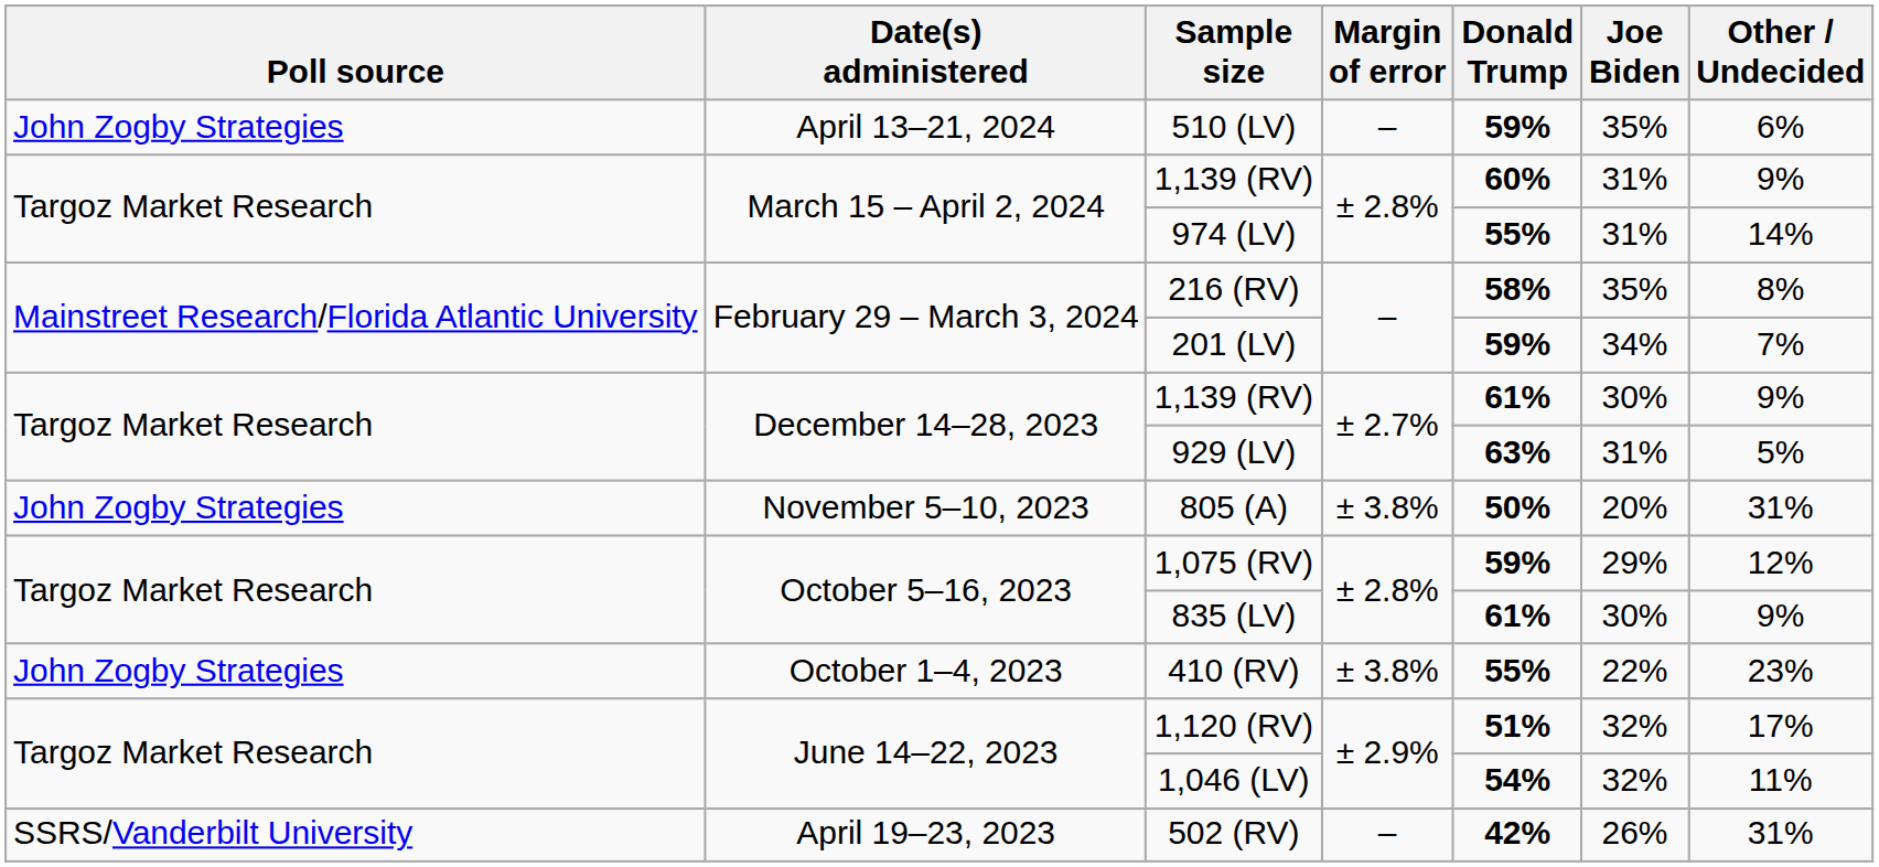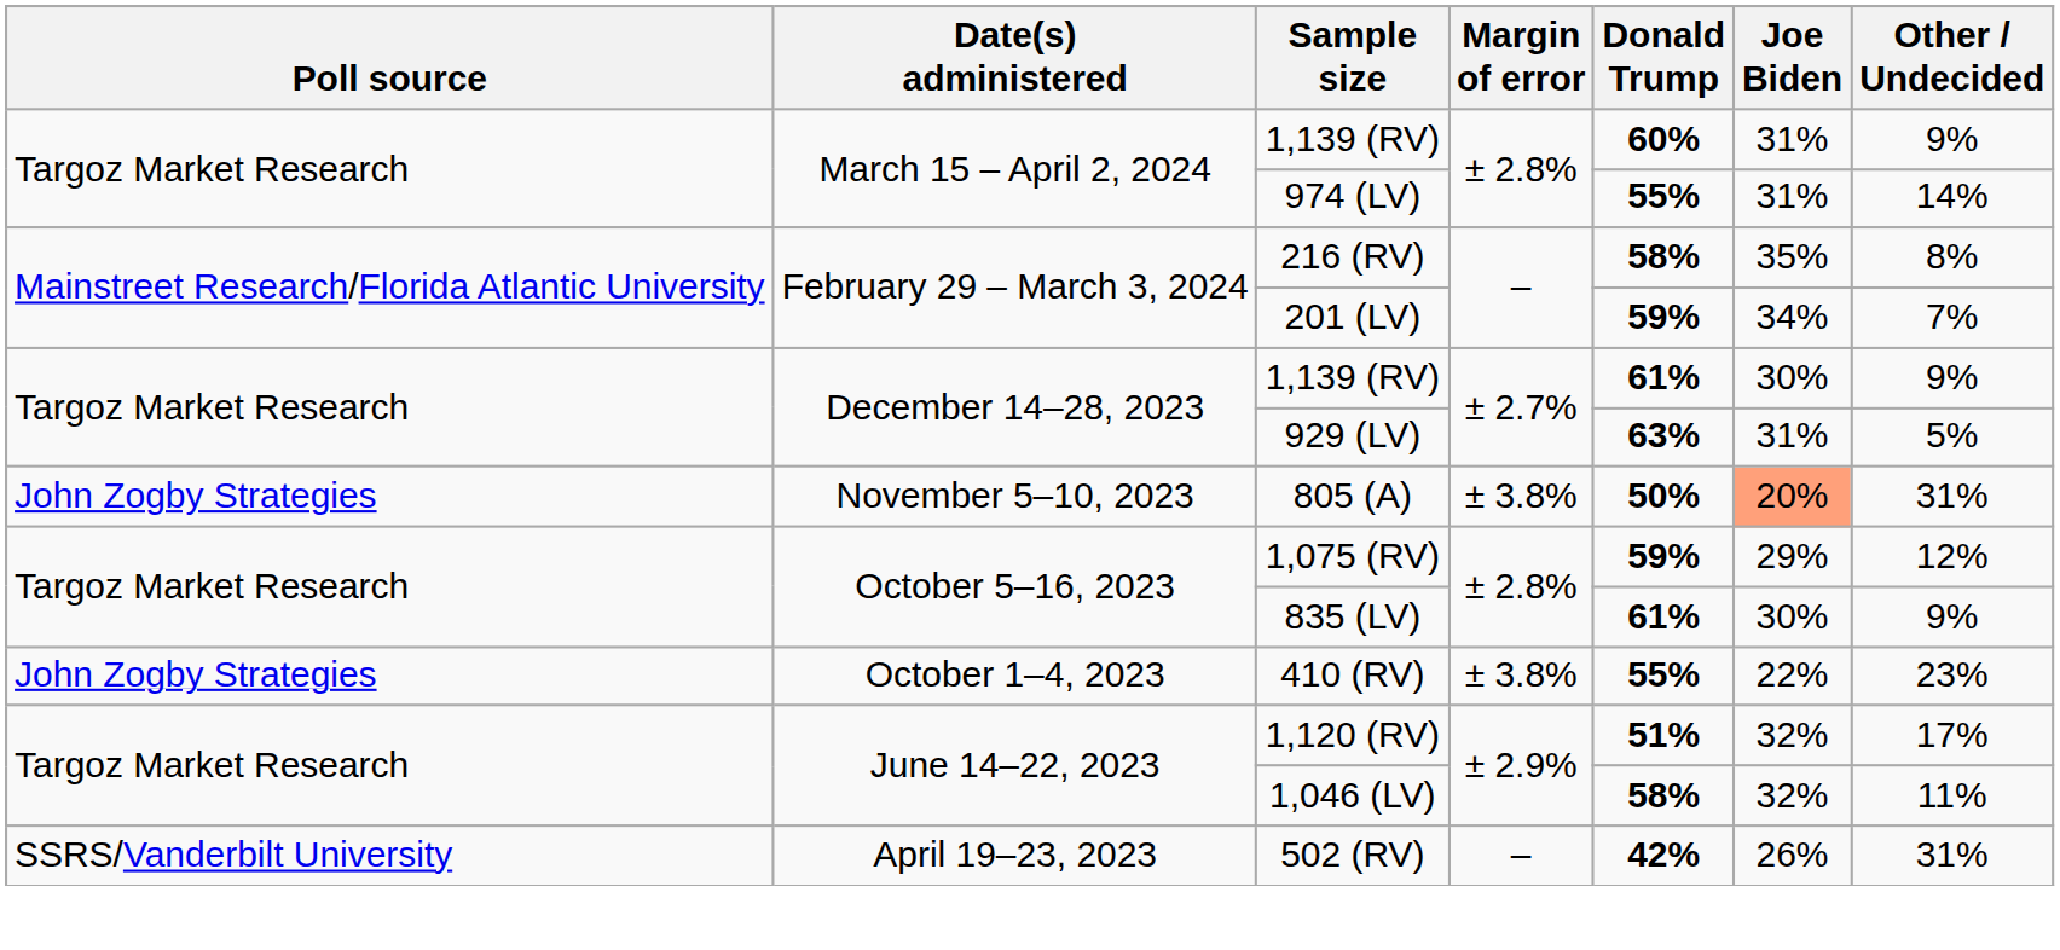 <table class="wikitable sortable mw-datatable" style="font-size:90%;text-align:center;line-height:17px">
 <tr valign=bottom>
 <th>Poll source</th>
 <th>Date(s)<br>administered</th>
 <th>Sample<br>size</th>
 <th>Margin<br>of error</th>
 <th class="unsortable">Donald<br>Trump<br></th>
 <th class="unsortable">Joe<br>Biden<br></th>
 <th class="unsortable">Other /<br>Undecided</th>
-</tr>
-<tr>
-<td style="text-align:left;"><a href='#'>John Zogby Strategies</a></td>
-<td data-sort-value="2024-05-01">April 13–21, 2024</td>
-<td>510 (LV)</td>
-<td>–</td>
-<td style="background-color:"><strong>59%</strong></td>
-<td>35%</td>
-<td>6%</td>
 </tr>
 <tr>
 <td style="text-align:left;" rowspan="2">Targoz Market Research</td>
 <td rowspan="2">March 15 – April 2, 2024</td>
 <td>1,139 (RV)</td>
 <td rowspan="2">± 2.8%</td>
 <td style="background-color:"><strong>60%</strong></td>
 <td>31%</td>
 <td>9%</td>
 </tr>
 <tr>
 <td>974 (LV)</td>
 <td style="background-color:"><strong>55%</strong></td>
 <td>31%</td>
 <td>14%</td>
 </tr>
 <tr>
 <td style="text-align:left;" rowspan="2"><a href='#'>Mainstreet Research</a>/<a href='#'>Florida Atlantic University</a></td>
 <td rowspan="2">February 29 – March 3, 2024</td>
 <td>216 (RV)</td>
 <td rowspan="2">–</td>
 <td style="background-color:"><strong>58%</strong></td>
 <td>35%</td>
 <td>8%</td>
 </tr>
 <tr>
 <td>201 (LV)</td>
 <td style="background-color:"><strong>59%</strong></td>
 <td>34%</td>
 <td>7%</td>
 </tr>
 <tr>
 <td style="text-align:left;" rowspan="2">Targoz Market Research</td>
 <td rowspan="2">December 14–28, 2023</td>
 <td>1,139 (RV)</td>
 <td rowspan="2">± 2.7%</td>
 <td style="background-color:"><strong>61%</strong></td>
 <td>30%</td>
 <td>9%</td>
 </tr>
 <tr>
 <td>929 (LV)</td>
 <td style="background-color:"><strong>63%</strong></td>
 <td>31%</td>
 <td>5%</td>
 </tr>
 <tr>
 <td style="text-align:left;"><a href='#'>John Zogby Strategies</a></td>
 <td>November 5–10, 2023</td>
 <td>805 (A)</td>
 <td>± 3.8%</td>
 <td style="background-color:"><strong>50%</strong></td>
-<td>20%</td>
+<td style="background: lightsalmon;">20%</td>
 <td>31%</td>
 </tr>
 <tr>
 <td style="text-align:left;" rowspan="2">Targoz Market Research</td>
 <td rowspan="2">October 5–16, 2023</td>
 <td>1,075 (RV)</td>
 <td rowspan="2">± 2.8%</td>
 <td style="background-color:"><strong>59%</strong></td>
 <td>29%</td>
 <td>12%</td>
 </tr>
 <tr>
 <td>835 (LV)</td>
 <td style="background-color:"><strong>61%</strong></td>
 <td>30%</td>
 <td>9%</td>
 </tr>
 <tr>
 <td style="text-align:left;"><a href='#'>John Zogby Strategies</a></td>
 <td>October 1–4, 2023</td>
 <td>410 (RV)</td>
 <td>± 3.8%</td>
 <td style="background-color:"><strong>55%</strong></td>
 <td>22%</td>
 <td>23%</td>
 </tr>
 <tr>
 <td style="text-align:left;" rowspan="2">Targoz Market Research</td>
 <td rowspan="2">June 14–22, 2023</td>
 <td>1,120 (RV)</td>
 <td rowspan="2">± 2.9%</td>
 <td style="background-color:"><strong>51%</strong></td>
 <td>32%</td>
 <td>17%</td>
 </tr>
 <tr>
 <td>1,046 (LV)</td>
-<td style="background-color:"><strong>54%</strong></td>
+<td style="background-color:"><strong>58%</strong></td>
 <td>32%</td>
 <td>11%</td>
 </tr>
 <tr>
 <td style="text-align:left;">SSRS/<a href='#'>Vanderbilt University</a></td>
 <td>April 19–23, 2023</td>
 <td>502 (RV)</td>
 <td>–</td>
 <td style="background-color:"><strong>42%</strong></td>
 <td>26%</td>
 <td>31%</td>
 </tr>
 </table>
